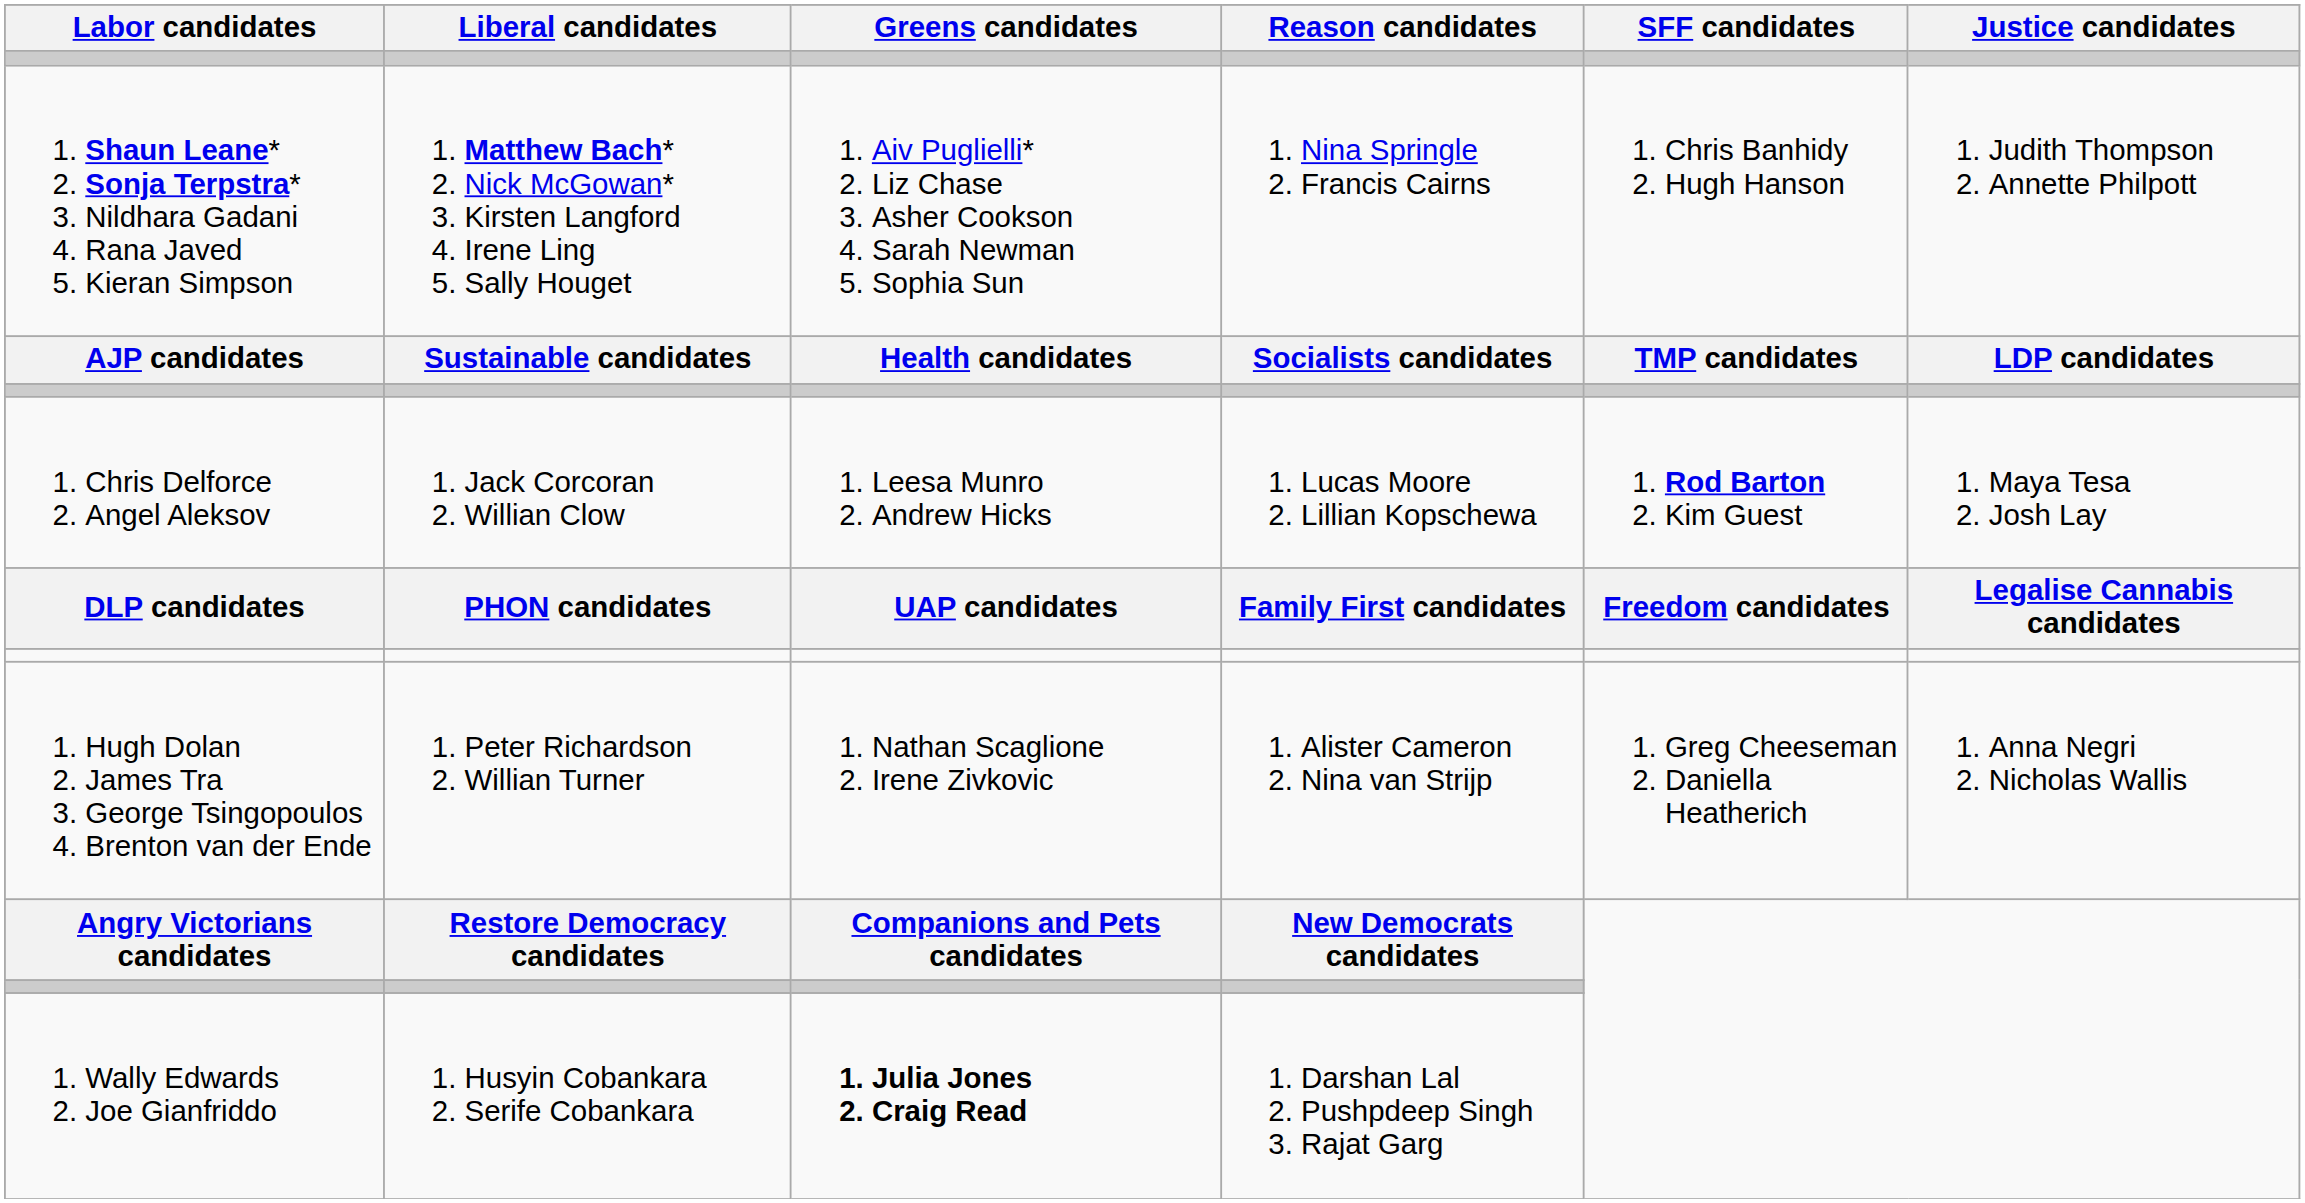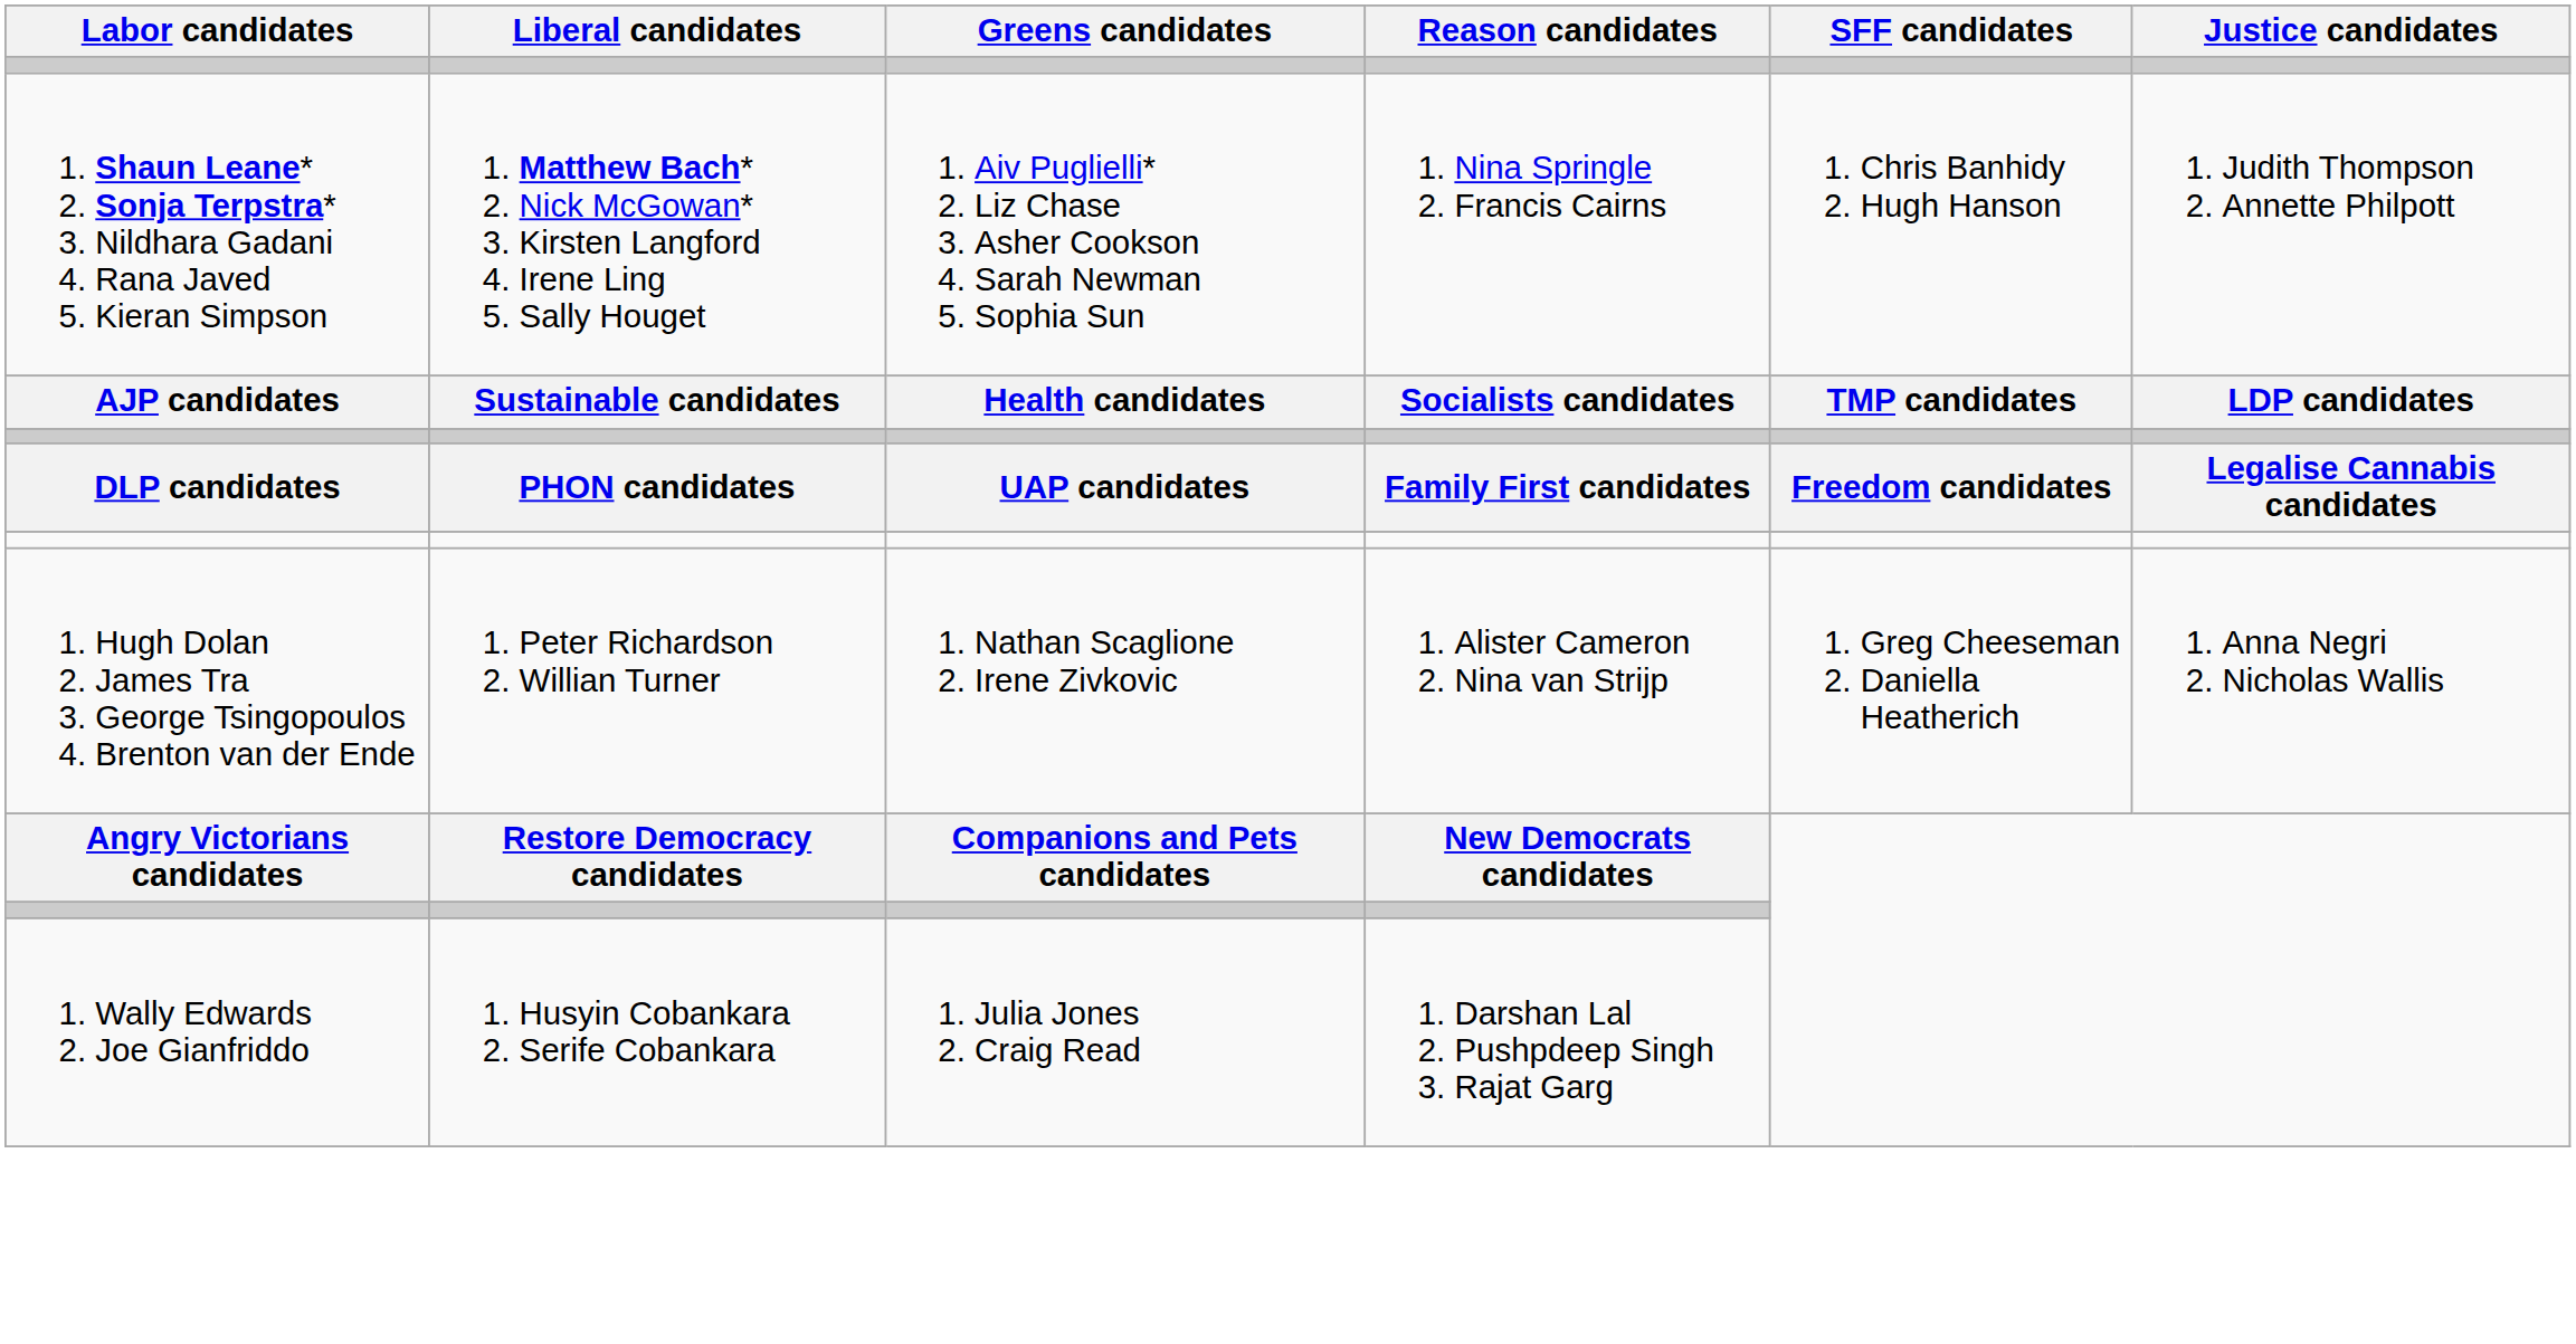 <table class="wikitable" style="max-width:90em";>
 <tr>
 <th><a href='#'>Labor</a> candidates</th>
 <th><a href='#'>Liberal</a> candidates</th>
 <th><a href='#'>Greens</a> candidates</th>
 <th><a href='#'>Reason</a> candidates</th>
 <th><a href='#'>SFF</a> candidates</th>
 <th><a href='#'>Justice</a> candidates</th>
 </tr>
 <tr style="background:#ccc;">
 <td></td>
 <td></td>
 <td></td>
 <td></td>
 <td></td>
 <td></td>
 </tr>
 <tr>
 <td><br><ol><li><strong><a href='#'>Shaun Leane</a></strong>*</li><li><strong><a href='#'>Sonja Terpstra</a></strong>*</li><li>Nildhara Gadani</li><li>Rana Javed</li><li>Kieran Simpson</li></ol></td>
 <td><br><ol><li><strong><a href='#'>Matthew Bach</a></strong>*</li><li><a href='#'>Nick McGowan</a>*</li><li>Kirsten Langford</li><li>Irene Ling</li><li>Sally Houget</li></ol></td>
 <td><br><ol><li><a href='#'>Aiv Puglielli</a>*</li><li>Liz Chase</li><li>Asher Cookson</li><li>Sarah Newman</li><li>Sophia Sun</li></ol></td>
 <td valign=top><br><ol><li><a href='#'>Nina Springle</a></li><li>Francis Cairns</li></ol></td>
 <td valign=top><br><ol><li>Chris Banhidy</li><li>Hugh Hanson</li></ol></td>
 <td valign=top><br><ol><li>Judith Thompson</li><li>Annette Philpott</li></ol></td>
 </tr>
 <tr style="background:#ccc;">
 <th><a href='#'>AJP</a> candidates</th>
 <th><a href='#'>Sustainable</a> candidates</th>
 <th><a href='#'>Health</a> candidates</th>
 <th><a href='#'>Socialists</a> candidates</th>
 <th><a href='#'>TMP</a> candidates</th>
 <th><a href='#'>LDP</a> candidates</th>
 </tr>
 <tr style="background:#ccc;">
 <td></td>
 <td></td>
 <td></td>
 <td></td>
 <td></td>
 <td></td>
 </tr>
-<tr>
-<td valign=top><br><ol><li>Chris Delforce</li><li>Angel Aleksov</li></ol></td>
-<td valign=top><br><ol><li>Jack Corcoran</li><li>Willian Clow</li></ol></td>
-<td valign=top><br><ol><li>Leesa Munro</li><li>Andrew Hicks</li></ol></td>
-<td valign=top><br><ol><li>Lucas Moore</li><li>Lillian Kopschewa</li></ol></td>
-<td valign=top><br><ol><li><strong><a href='#'>Rod Barton</a></strong></li><li>Kim Guest</li></ol></td>
-<td valign=top><br><ol><li>Maya Tesa</li><li>Josh Lay</li></ol></td>
-</tr>
 <tr style="background:#ccc;">
 <th><a href='#'>DLP</a> candidates</th>
 <th><a href='#'>PHON</a> candidates</th>
 <th><a href='#'>UAP</a> candidates</th>
 <th><a href='#'>Family First</a> candidates</th>
 <th><a href='#'>Freedom</a> candidates</th>
 <th><a href='#'>Legalise Cannabis</a> candidates</th>
 </tr>
 <tr>
 <td></td>
 <td></td>
 <td></td>
 <td></td>
 <td></td>
 <td></td>
 </tr>
 <tr>
 <td valign=top><br><ol><li>Hugh Dolan</li><li>James Tra</li><li>George Tsingopoulos</li><li>Brenton van der Ende</li></ol></td>
 <td valign=top><br><ol><li>Peter Richardson</li><li>Willian Turner</li></ol></td>
 <td valign=top><br><ol><li>Nathan Scaglione</li><li>Irene Zivkovic</li></ol></td>
 <td valign=top><br><ol><li>Alister Cameron</li><li>Nina van Strijp</li></ol></td>
 <td valign=top><br><ol><li>Greg Cheeseman</li><li>Daniella Heatherich</li></ol></td>
 <td valign=top><br><ol><li>Anna Negri</li><li>Nicholas Wallis</li></ol></td>
 </tr>
 <tr style="background:#ccc;">
 <th><a href='#'>Angry Victorians</a> candidates</th>
 <th><a href='#'>Restore Democracy</a> candidates</th>
 <th><a href='#'>Companions and Pets</a> candidates</th>
 <th><a href='#'>New Democrats</a> candidates</th>
 </tr>
 <tr style=background:#ccc>
 <td></td>
 <td></td>
 <td></td>
 <td></td>
 </tr>
 <tr>
 <td valign=top><br><ol><li>Wally Edwards</li><li>Joe Gianfriddo</li></ol></td>
 <td valign=top><br><ol><li>Husyin Cobankara</li><li>Serife Cobankara</li></ol></td>
-<td valign=top><strong><br><ol><li>Julia Jones</li><li>Craig Read</li></ol></strong></td>
+<td valign=top><br><ol><li>Julia Jones</li><li>Craig Read</li></ol></td>
 <td valign=top><br><ol><li>Darshan Lal</li><li>Pushpdeep Singh</li><li>Rajat Garg</li></ol></td>
 </tr>
 </table>
